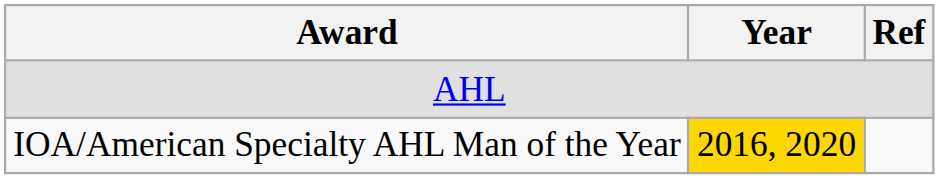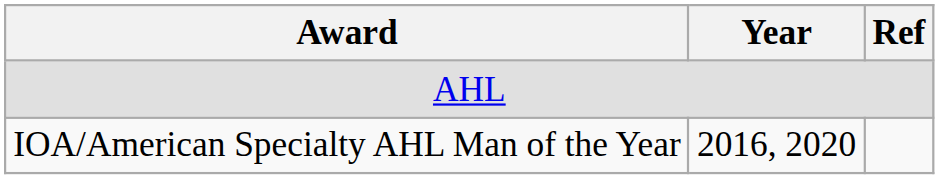 <table class="wikitable">
 <tr>
 <th>Award</th>
 <th>Year</th>
 <th>Ref</th>
 </tr>
 <tr ALIGN="center" bgcolor="#e0e0e0">
 <td colspan="3"><a href='#'>AHL</a></td>
 </tr>
 <tr>
 <td>IOA/American Specialty AHL Man of the Year</td>
-<td style="background: gold;">2016, 2020</td>
+<td>2016, 2020</td>
 <td></td>
 </tr>
 </table>
